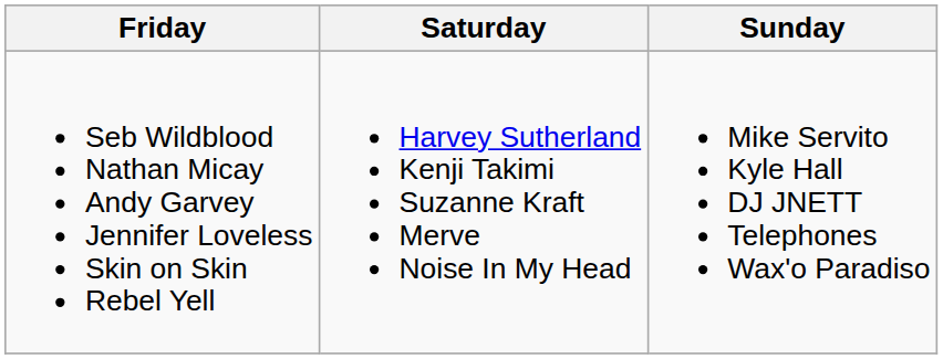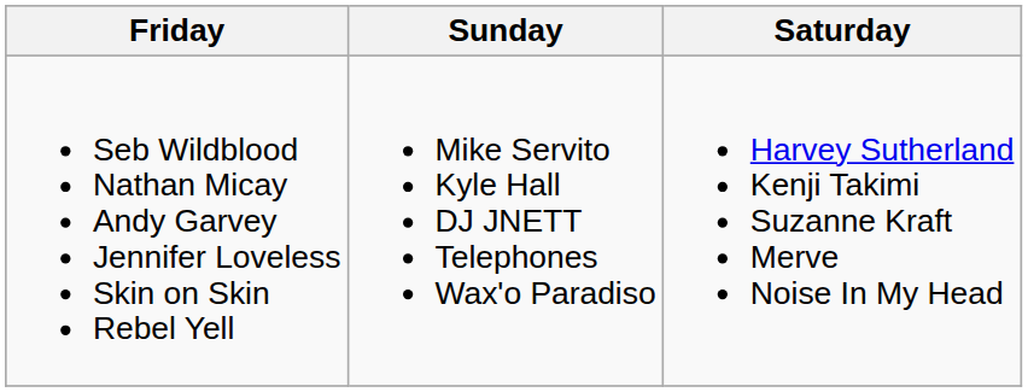 <table class="wikitable">
 <tr>
 <th>Friday</th>
+<th>Sunday</th>
 <th>Saturday</th>
-<th>Sunday</th>
 </tr>
 <tr valign="top">
 <td><br><ul><li>Seb Wildblood</li><li>Nathan Micay</li><li>Andy Garvey</li><li>Jennifer Loveless</li><li>Skin on Skin</li><li>Rebel Yell</li></ul></td>
+<td><br><ul><li>Mike Servito</li><li>Kyle Hall</li><li>DJ JNETT</li><li>Telephones</li><li>Wax'o Paradiso</li></ul></td>
 <td><br><ul><li><a href='#'>Harvey Sutherland</a></li><li>Kenji Takimi</li><li>Suzanne Kraft</li><li>Merve</li><li>Noise In My Head</li></ul></td>
-<td><br><ul><li>Mike Servito</li><li>Kyle Hall</li><li>DJ JNETT</li><li>Telephones</li><li>Wax'o Paradiso</li></ul></td>
 </tr>
 </table>
